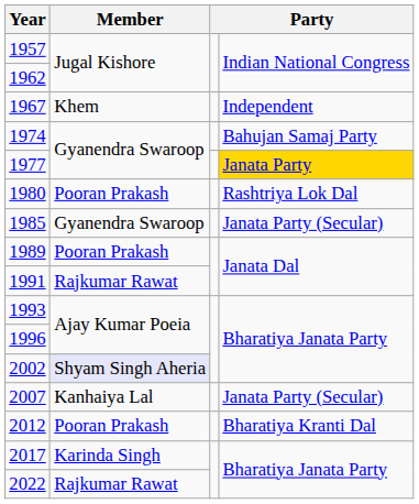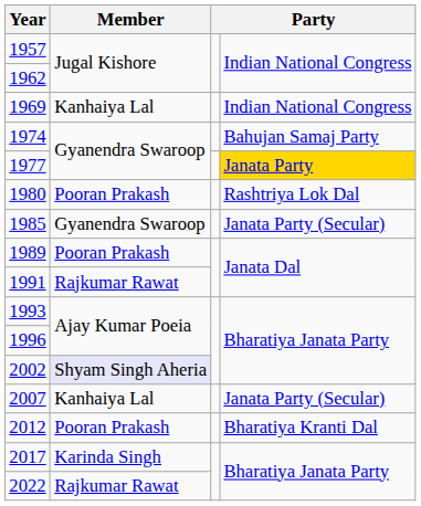 <table class="wikitable">
 <tr>
 <th>Year</th>
 <th>Member</th>
 <th colspan="2">Party</th>
 </tr>
 <tr>
 <td><a href='#'>1957</a></td>
 <td rowspan="2">Jugal Kishore</td>
 <td rowspan="2" style="background-color: "></td>
 <td rowspan="2"><a href='#'>Indian National Congress</a></td>
 </tr>
 <tr>
 <td><a href='#'>1962</a></td>
 </tr>
 <tr>
-<td><a href='#'>1967</a></td>
-<td>Khem</td>
+<td><a href='#'>1969</a></td>
+<td>Kanhaiya Lal</td>
 <td style="background-color: "></td>
-<td><a href='#'>Independent</a></td>
+<td><a href='#'>Indian National Congress</a></td>
 </tr>
 <tr>
 <td><a href='#'>1974</a></td>
 <td rowspan="2">Gyanendra Swaroop</td>
 <td style="background-color: "></td>
 <td><a href='#'>Bahujan Samaj Party</a></td>
 </tr>
 <tr>
 <td><a href='#'>1977</a></td>
 <td style="background-color: "></td>
 <td style="background: gold;"><a href='#'>Janata Party</a></td>
 </tr>
 <tr>
 <td><a href='#'>1980</a></td>
 <td><a href='#'>Pooran Prakash</a></td>
 <td style="background-color: "></td>
 <td><a href='#'>Rashtriya Lok Dal</a></td>
 </tr>
 <tr>
 <td><a href='#'>1985</a></td>
 <td>Gyanendra Swaroop</td>
 <td style="background-color: "></td>
 <td><a href='#'>Janata Party (Secular)</a></td>
 </tr>
 <tr>
 <td><a href='#'>1989</a></td>
 <td><a href='#'>Pooran Prakash</a></td>
 <td rowspan="2" style="background-color: "></td>
 <td rowspan="2"><a href='#'>Janata Dal</a></td>
 </tr>
 <tr>
 <td><a href='#'>1991</a></td>
 <td><a href='#'>Rajkumar Rawat</a></td>
 </tr>
 <tr>
 <td><a href='#'>1993</a></td>
 <td rowspan="2">Ajay Kumar Poeia</td>
 <td rowspan="3" style="background-color: "></td>
 <td rowspan="3"><a href='#'>Bharatiya Janata Party</a></td>
 </tr>
 <tr>
 <td><a href='#'>1996</a></td>
 </tr>
 <tr>
 <td><a href='#'>2002</a></td>
 <td style="background: lavender;">Shyam Singh Aheria</td>
 </tr>
 <tr>
 <td><a href='#'>2007</a></td>
 <td>Kanhaiya Lal</td>
 <td style="background-color: "></td>
 <td><a href='#'>Janata Party (Secular)</a></td>
 </tr>
 <tr>
 <td><a href='#'>2012</a></td>
 <td><a href='#'>Pooran Prakash</a></td>
 <td style="background-color: "></td>
 <td><a href='#'>Bharatiya Kranti Dal</a></td>
 </tr>
 <tr>
 <td><a href='#'>2017</a></td>
 <td><a href='#'>Karinda Singh</a></td>
 <td rowspan="2" style="background-color: "></td>
 <td rowspan="2"><a href='#'>Bharatiya Janata Party</a></td>
 </tr>
 <tr>
 <td><a href='#'>2022</a></td>
 <td><a href='#'>Rajkumar Rawat</a></td>
 </tr>
 </table>
